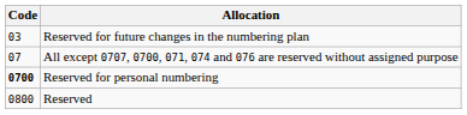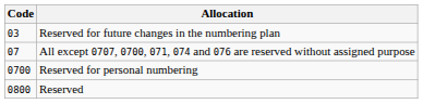 <table class="wikitable">
 <tr>
 <th>Code</th>
 <th>Allocation</th>
 </tr>
 <tr>
 <td><code>03</code></td>
 <td>Reserved for future changes in the numbering plan</td>
 </tr>
 <tr>
 <td><code>07</code></td>
 <td>All except  <code>0707</code>, <code>0700</code>, <code>071</code>, <code>074</code> and <code>076</code> are reserved without assigned purpose</td>
 </tr>
 <tr>
-<td><strong><code>0700</code></strong></td>
+<td><code>0700</code></td>
 <td>Reserved for personal numbering</td>
 </tr>
 <tr>
 <td><code>0800</code></td>
 <td>Reserved</td>
 </tr>
 </table>
